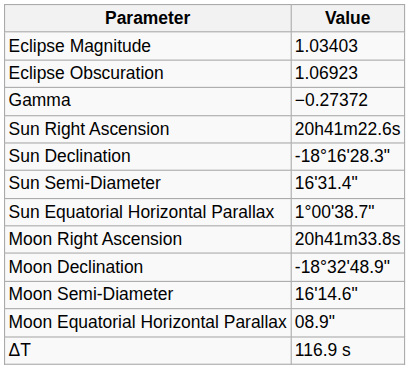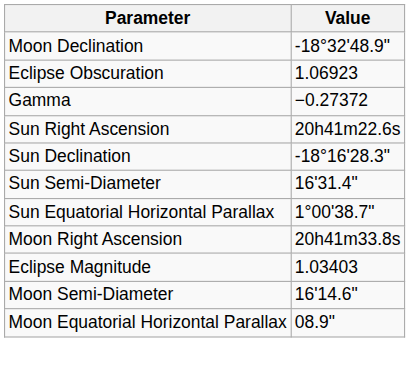 <table class="wikitable">
 <tr>
 <th>Parameter</th>
 <th>Value</th>
 </tr>
 <tr>
-<td>Eclipse Magnitude</td>
-<td>1.03403</td>
+<td>Moon Declination</td>
+<td>-18°32'48.9"</td>
 </tr>
 <tr>
 <td>Eclipse Obscuration</td>
 <td>1.06923</td>
 </tr>
 <tr>
 <td>Gamma</td>
 <td>−0.27372</td>
 </tr>
 <tr>
 <td>Sun Right Ascension</td>
 <td>20h41m22.6s</td>
 </tr>
 <tr>
 <td>Sun Declination</td>
 <td>-18°16'28.3"</td>
 </tr>
 <tr>
 <td>Sun Semi-Diameter</td>
 <td>16'31.4"</td>
 </tr>
 <tr>
 <td>Sun Equatorial Horizontal Parallax</td>
 <td>1°00'38.7"</td>
 </tr>
 <tr>
 <td>Moon Right Ascension</td>
 <td>20h41m33.8s</td>
 </tr>
 <tr>
-<td>Moon Declination</td>
-<td>-18°32'48.9"</td>
+<td>Eclipse Magnitude</td>
+<td>1.03403</td>
 </tr>
 <tr>
 <td>Moon Semi-Diameter</td>
 <td>16'14.6"</td>
 </tr>
 <tr>
 <td>Moon Equatorial Horizontal Parallax</td>
 <td>08.9"</td>
 </tr>
-<tr>
-<td>ΔT</td>
-<td>116.9 s</td>
-</tr>
 </table>
